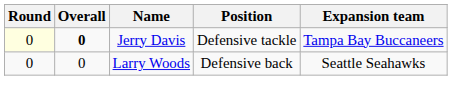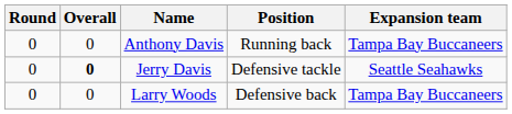 <table class="wikitable" style="text-align:center">
 <tr>
 <th>Round</th>
 <th>Overall</th>
 <th>Name</th>
 <th>Position</th>
 <th>Expansion team</th>
 </tr>
 <tr>
-<td style="background: lightyellow;">0</td>
+<td>0</td>
+<td>0</td>
+<td><a href='#'>Anthony Davis</a></td>
+<td>Running back</td>
+<td><a href='#'>Tampa Bay Buccaneers</a></td>
+</tr>
+<tr>
+<td>0</td>
 <td><strong>0</strong></td>
 <td><a href='#'>Jerry Davis</a></td>
 <td>Defensive tackle</td>
-<td><a href='#'>Tampa Bay Buccaneers</a></td>
+<td><a href='#'>Seattle Seahawks</a></td>
 </tr>
 <tr>
 <td>0</td>
 <td>0</td>
 <td><a href='#'>Larry Woods</a></td>
 <td>Defensive back</td>
-<td>Seattle Seahawks</td>
+<td><a href='#'>Tampa Bay Buccaneers</a></td>
 </tr>
 </table>
